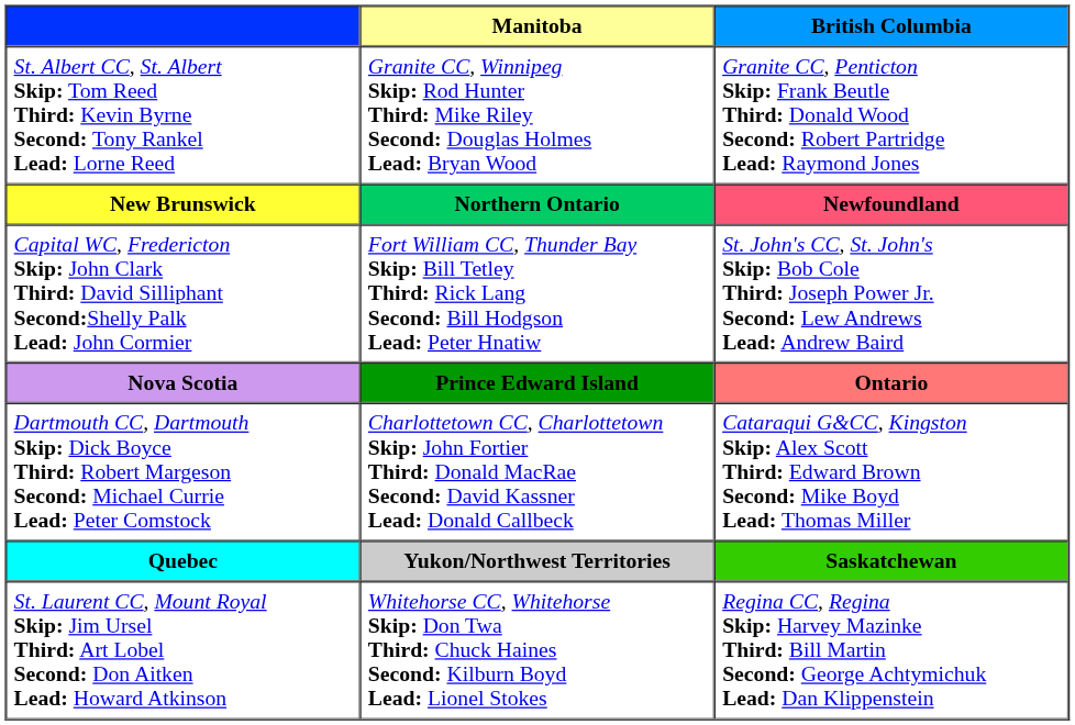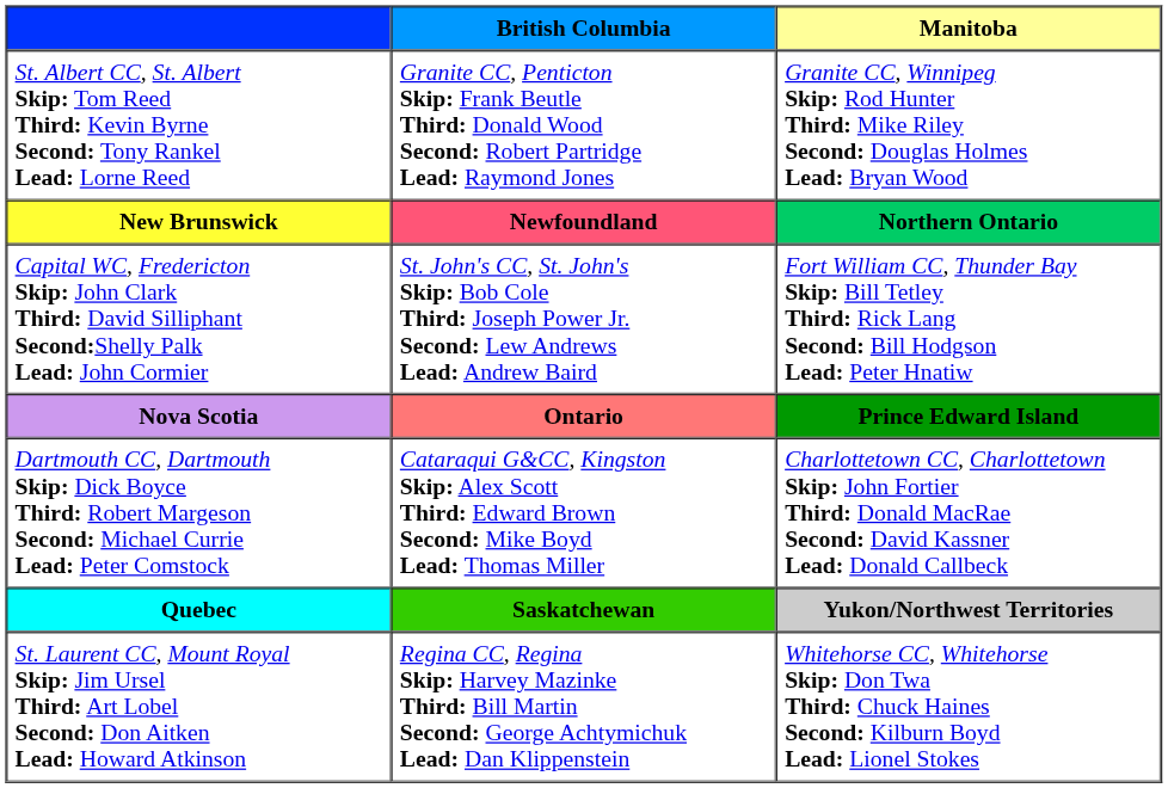 <table border=1 cellpadding=5 cellspacing=0>
 <tr>
 <th style="background:#03f; width:250px;"></th>
+<th style="background:#09f; width:250px;">British Columbia</th>
 <th style="background:#ff9; width:250px;">Manitoba</th>
-<th style="background:#09f; width:250px;">British Columbia</th>
 </tr>
 <tr>
 <td><em><a href='#'>St. Albert CC</a>, <a href='#'>St. Albert</a></em><br><strong>Skip:</strong> <a href='#'>Tom Reed</a><br> <strong>Third:</strong> <a href='#'>Kevin Byrne</a><br> <strong>Second:</strong> <a href='#'>Tony Rankel</a><br> <strong>Lead:</strong> <a href='#'>Lorne Reed</a></td>
+<td><em><a href='#'>Granite CC</a>, <a href='#'>Penticton</a></em><br><strong>Skip:</strong> <a href='#'>Frank Beutle</a><br> <strong>Third:</strong> <a href='#'>Donald Wood</a><br> <strong>Second:</strong> <a href='#'>Robert Partridge</a><br> <strong>Lead:</strong> <a href='#'>Raymond Jones</a></td>
 <td><em><a href='#'>Granite CC</a>, <a href='#'>Winnipeg</a></em><br><strong>Skip:</strong> <a href='#'>Rod Hunter</a><br> <strong>Third:</strong> <a href='#'>Mike Riley</a><br> <strong>Second:</strong> <a href='#'>Douglas Holmes</a><br> <strong>Lead:</strong> <a href='#'>Bryan Wood</a></td>
-<td><em><a href='#'>Granite CC</a>, <a href='#'>Penticton</a></em><br><strong>Skip:</strong> <a href='#'>Frank Beutle</a><br> <strong>Third:</strong> <a href='#'>Donald Wood</a><br> <strong>Second:</strong> <a href='#'>Robert Partridge</a><br> <strong>Lead:</strong> <a href='#'>Raymond Jones</a></td>
 </tr>
 <tr>
 <th style="background:#ff3; width:250px;">New Brunswick</th>
+<th style="background:#f57; width:250px;">Newfoundland</th>
 <th style="background:#0c6; width:250px;">Northern Ontario</th>
-<th style="background:#f57; width:250px;">Newfoundland</th>
 </tr>
 <tr>
 <td><em><a href='#'>Capital WC</a>, <a href='#'>Fredericton</a></em><br><strong>Skip:</strong> <a href='#'>John Clark</a><br> <strong>Third:</strong> <a href='#'>David Silliphant</a><br> <strong>Second:</strong><a href='#'>Shelly Palk</a><br> <strong>Lead:</strong> <a href='#'>John Cormier</a></td>
+<td><em><a href='#'>St. John's CC</a>, <a href='#'>St. John's</a></em><br><strong>Skip:</strong> <a href='#'>Bob Cole</a><br> <strong>Third:</strong> <a href='#'>Joseph Power Jr.</a><br> <strong>Second:</strong> <a href='#'>Lew Andrews</a><br> <strong>Lead:</strong> <a href='#'>Andrew Baird</a></td>
 <td><em><a href='#'>Fort William CC</a>, <a href='#'>Thunder Bay</a></em><br><strong>Skip:</strong> <a href='#'>Bill Tetley</a><br> <strong>Third:</strong> <a href='#'>Rick Lang</a><br> <strong>Second:</strong> <a href='#'>Bill Hodgson</a><br> <strong>Lead:</strong> <a href='#'>Peter Hnatiw</a></td>
-<td><em><a href='#'>St. John's CC</a>, <a href='#'>St. John's</a></em><br><strong>Skip:</strong> <a href='#'>Bob Cole</a><br> <strong>Third:</strong> <a href='#'>Joseph Power Jr.</a><br> <strong>Second:</strong> <a href='#'>Lew Andrews</a><br> <strong>Lead:</strong> <a href='#'>Andrew Baird</a></td>
 </tr>
 <tr>
 <th style="background:#c9e; width:250px;">Nova Scotia</th>
+<th style="background:#f77; width:250px;">Ontario</th>
 <th style="background:#090; width:250px;">Prince Edward Island</th>
-<th style="background:#f77; width:250px;">Ontario</th>
 </tr>
 <tr>
 <td><em><a href='#'>Dartmouth CC</a>, <a href='#'>Dartmouth</a></em><br><strong>Skip:</strong> <a href='#'>Dick Boyce</a><br> <strong>Third:</strong> <a href='#'>Robert Margeson</a><br> <strong>Second:</strong> <a href='#'>Michael Currie</a><br> <strong>Lead:</strong> <a href='#'>Peter Comstock</a></td>
+<td><em><a href='#'>Cataraqui G&CC</a>, <a href='#'>Kingston</a></em><br><strong>Skip:</strong> <a href='#'>Alex Scott</a><br> <strong>Third:</strong> <a href='#'>Edward Brown</a><br> <strong>Second:</strong> <a href='#'>Mike Boyd</a><br> <strong>Lead:</strong> <a href='#'>Thomas Miller</a></td>
 <td><em><a href='#'>Charlottetown CC</a>, <a href='#'>Charlottetown</a></em><br><strong>Skip:</strong> <a href='#'>John Fortier</a><br> <strong>Third:</strong> <a href='#'>Donald MacRae</a><br> <strong>Second:</strong> <a href='#'>David Kassner</a><br> <strong>Lead:</strong> <a href='#'>Donald Callbeck</a></td>
-<td><em><a href='#'>Cataraqui G&CC</a>, <a href='#'>Kingston</a></em><br><strong>Skip:</strong> <a href='#'>Alex Scott</a><br> <strong>Third:</strong> <a href='#'>Edward Brown</a><br> <strong>Second:</strong> <a href='#'>Mike Boyd</a><br> <strong>Lead:</strong> <a href='#'>Thomas Miller</a></td>
 </tr>
 <tr>
 <th style="background:#0ff; width:250px;">Quebec</th>
+<th style="background:#3c0; width:250px;">Saskatchewan</th>
 <th style="background:#ccc; width:250px;">Yukon/Northwest Territories</th>
-<th style="background:#3c0; width:250px;">Saskatchewan</th>
 </tr>
 <tr>
 <td><em><a href='#'>St. Laurent CC</a>, <a href='#'>Mount Royal</a></em><br><strong>Skip:</strong> <a href='#'>Jim Ursel</a><br> <strong>Third:</strong> <a href='#'>Art Lobel</a><br> <strong>Second:</strong> <a href='#'>Don Aitken</a><br> <strong>Lead:</strong> <a href='#'>Howard Atkinson</a></td>
+<td><em><a href='#'>Regina CC</a>, <a href='#'>Regina</a></em><br><strong>Skip:</strong> <a href='#'>Harvey Mazinke</a><br> <strong>Third:</strong> <a href='#'>Bill Martin</a><br> <strong>Second:</strong> <a href='#'>George Achtymichuk</a><br> <strong>Lead:</strong> <a href='#'>Dan Klippenstein</a></td>
 <td><em><a href='#'>Whitehorse CC</a>, <a href='#'>Whitehorse</a></em><br><strong>Skip:</strong> <a href='#'>Don Twa</a><br> <strong>Third:</strong> <a href='#'>Chuck Haines</a><br> <strong>Second:</strong> <a href='#'>Kilburn Boyd</a><br> <strong>Lead:</strong> <a href='#'>Lionel Stokes</a></td>
-<td><em><a href='#'>Regina CC</a>, <a href='#'>Regina</a></em><br><strong>Skip:</strong> <a href='#'>Harvey Mazinke</a><br> <strong>Third:</strong> <a href='#'>Bill Martin</a><br> <strong>Second:</strong> <a href='#'>George Achtymichuk</a><br> <strong>Lead:</strong> <a href='#'>Dan Klippenstein</a></td>
 </tr>
 </table>
